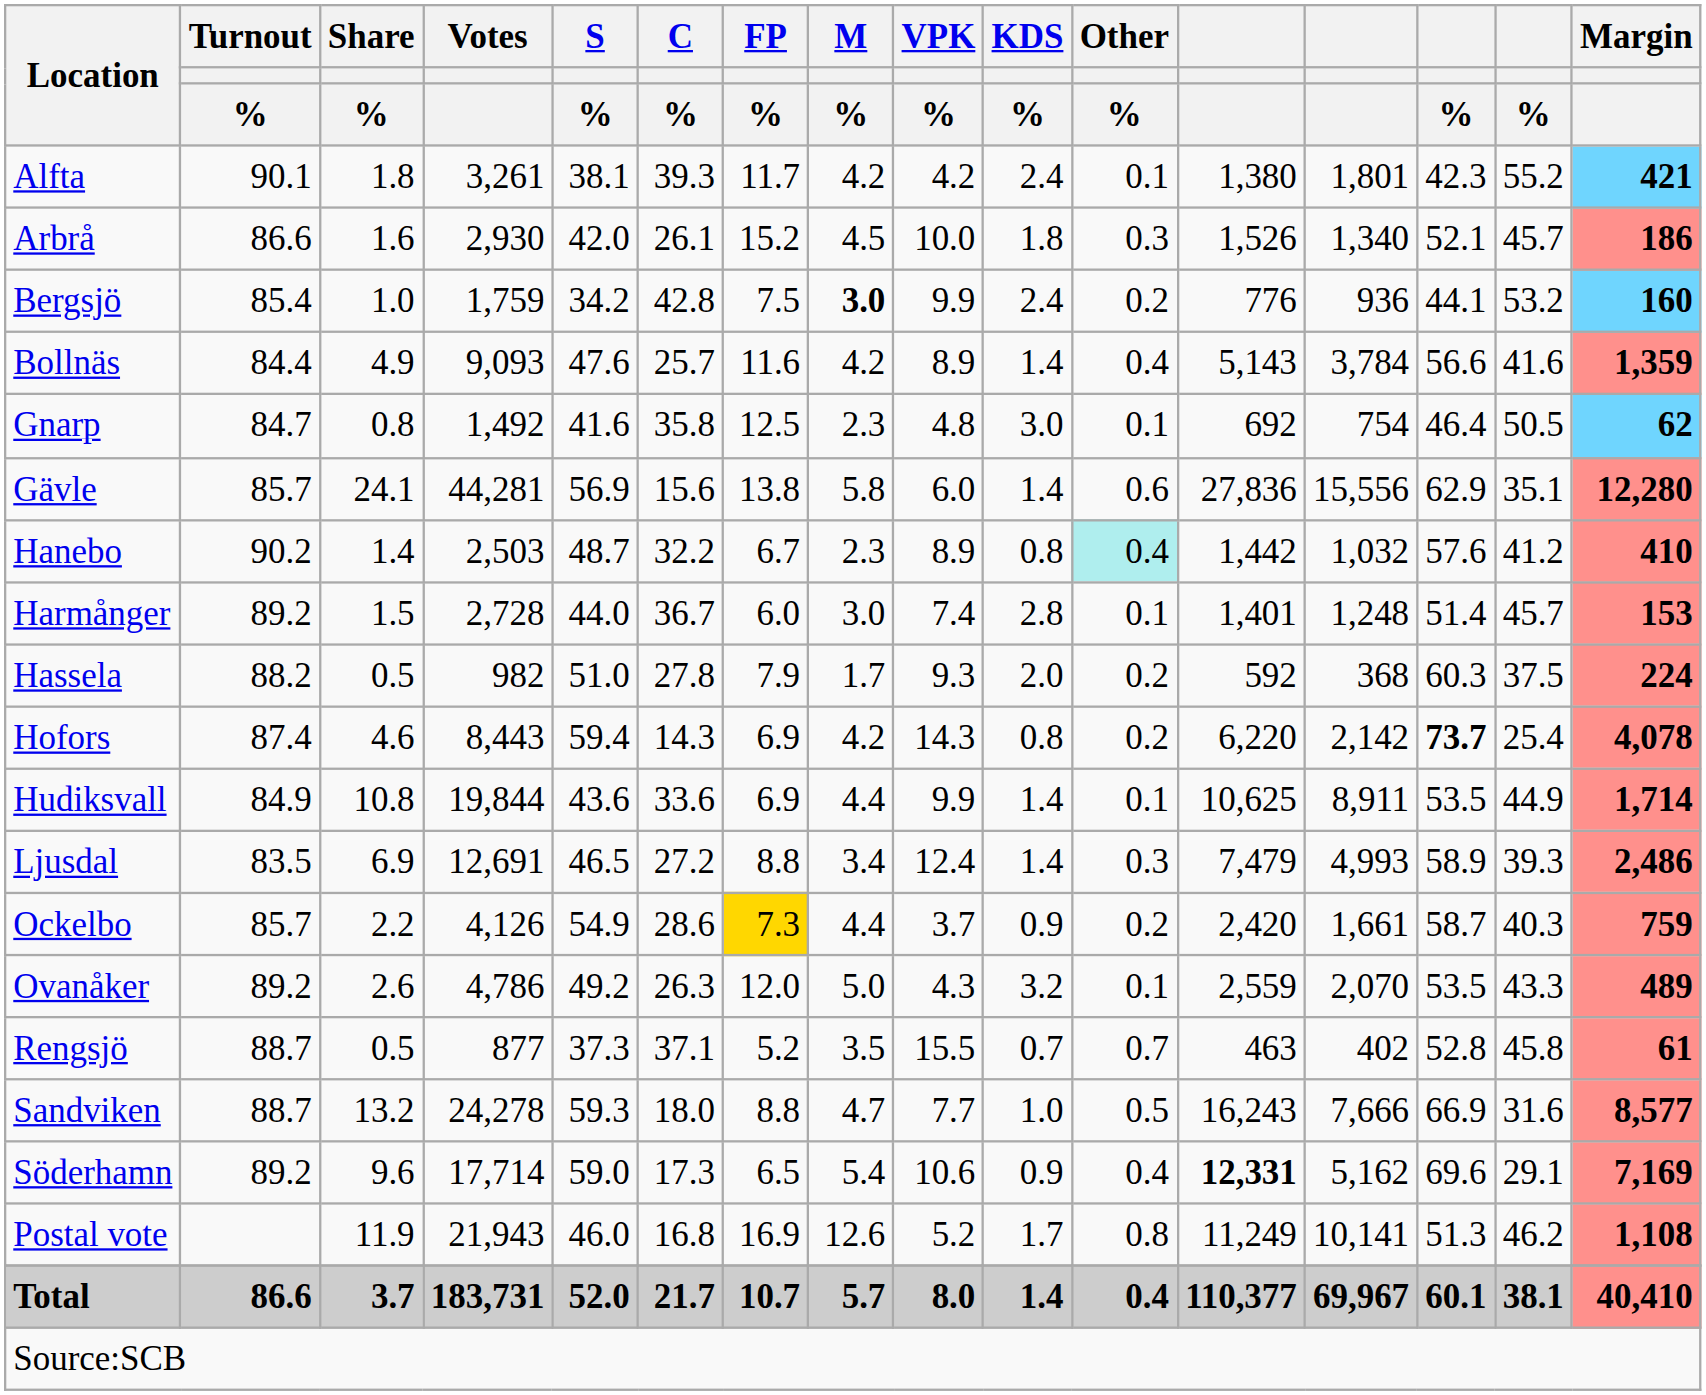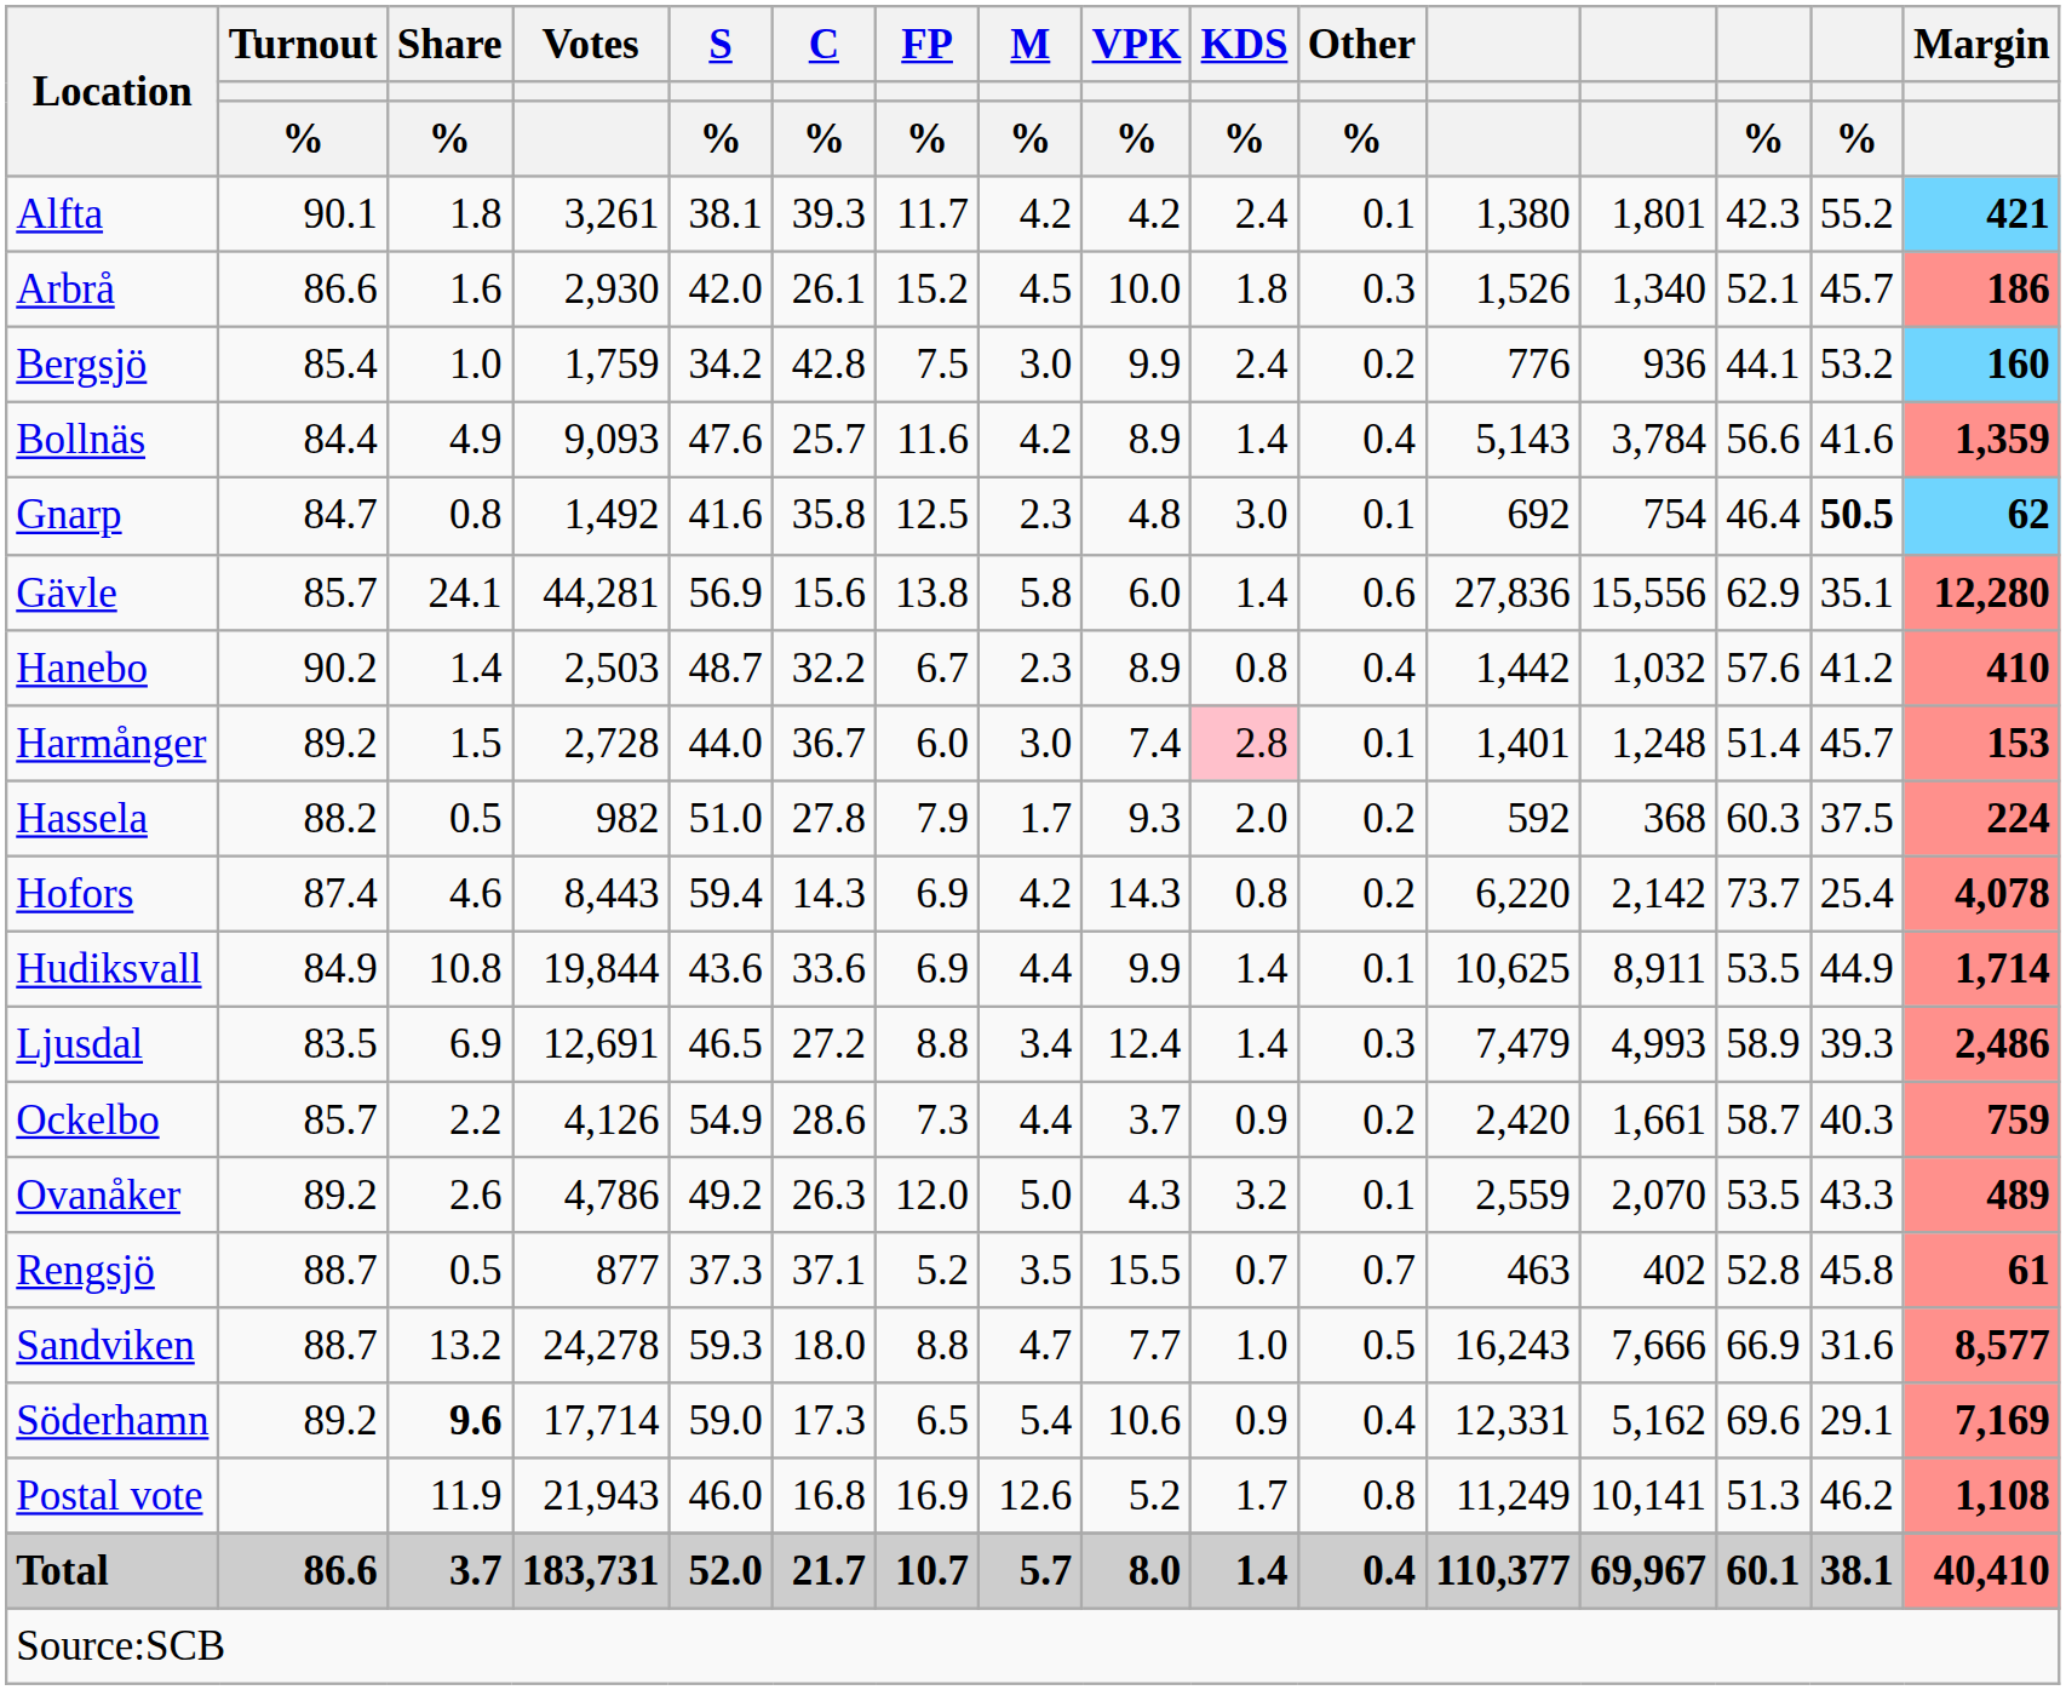 <table class="wikitable sortable" style="text-align:right; font-size:95%; line-height:20px;">
 <tr>
 <th rowspan="3">Location</th>
 <th>Turnout</th>
 <th>Share</th>
 <th>Votes</th>
 <th width="30px" class="unsortable"><a href='#'>S</a></th>
 <th width="30px" class="unsortable"><a href='#'>C</a></th>
 <th width="30px" class="unsortable"><a href='#'>FP</a></th>
 <th width="30px" class="unsortable"><a href='#'>M</a></th>
 <th width="30px" class="unsortable"><a href='#'>VPK</a></th>
 <th width="30px" class="unsortable"><a href='#'>KDS</a></th>
 <th width="30px" class="unsortable">Other</th>
 <th></th>
 <th></th>
 <th></th>
 <th></th>
 <th>Margin</th>
 </tr>
 <tr>
 <th></th>
 <th></th>
 <th></th>
 <th style="background:"></th>
 <th style="background:"></th>
 <th style="background:"></th>
 <th style="background:"></th>
 <th style="background:"></th>
 <th style="background:"></th>
 <th style="background:"></th>
 <th style="background:"></th>
 <th style="background:"></th>
 <th style="background:"></th>
 <th style="background:"></th>
 <th></th>
 </tr>
 <tr>
 <th data-sort-type="number">%</th>
 <th data-sort-type="number">%</th>
 <th></th>
 <th data-sort-type="number">%</th>
 <th data-sort-type="number">%</th>
 <th data-sort-type="number">%</th>
 <th data-sort-type="number">%</th>
 <th data-sort-type="number">%</th>
 <th data-sort-type="number">%</th>
 <th data-sort-type="number">%</th>
 <th data-sort-type="number"></th>
 <th data-sort-type="number"></th>
 <th data-sort-type="number">%</th>
 <th data-sort-type="number">%</th>
 <th data-sort-type="number"></th>
 </tr>
 <tr>
 <td align=left><a href='#'>Alfta</a></td>
 <td>90.1</td>
 <td>1.8</td>
 <td>3,261</td>
 <td>38.1</td>
 <td>39.3</td>
 <td>11.7</td>
 <td>4.2</td>
 <td>4.2</td>
 <td>2.4</td>
 <td>0.1</td>
 <td>1,380</td>
 <td>1,801</td>
 <td>42.3</td>
 <td>55.2</td>
 <td bgcolor=#6fd5fe><strong>421</strong></td>
 </tr>
 <tr>
 <td align=left><a href='#'>Arbrå</a></td>
 <td>86.6</td>
 <td>1.6</td>
 <td>2,930</td>
 <td>42.0</td>
 <td>26.1</td>
 <td>15.2</td>
 <td>4.5</td>
 <td>10.0</td>
 <td>1.8</td>
 <td>0.3</td>
 <td>1,526</td>
 <td>1,340</td>
 <td>52.1</td>
 <td>45.7</td>
 <td bgcolor=#ff908c><strong>186</strong></td>
 </tr>
 <tr>
 <td align=left><a href='#'>Bergsjö</a></td>
 <td>85.4</td>
 <td>1.0</td>
 <td>1,759</td>
 <td>34.2</td>
 <td>42.8</td>
 <td>7.5</td>
-<td><strong>3.0</strong></td>
+<td>3.0</td>
 <td>9.9</td>
 <td>2.4</td>
 <td>0.2</td>
 <td>776</td>
 <td>936</td>
 <td>44.1</td>
 <td>53.2</td>
 <td bgcolor=#6fd5fe><strong>160</strong></td>
 </tr>
 <tr>
 <td align=left><a href='#'>Bollnäs</a></td>
 <td>84.4</td>
 <td>4.9</td>
 <td>9,093</td>
 <td>47.6</td>
 <td>25.7</td>
 <td>11.6</td>
 <td>4.2</td>
 <td>8.9</td>
 <td>1.4</td>
 <td>0.4</td>
 <td>5,143</td>
 <td>3,784</td>
 <td>56.6</td>
 <td>41.6</td>
 <td bgcolor=#ff908c><strong>1,359</strong></td>
 </tr>
 <tr>
 <td align=left><a href='#'>Gnarp</a></td>
 <td>84.7</td>
 <td>0.8</td>
 <td>1,492</td>
 <td>41.6</td>
 <td>35.8</td>
 <td>12.5</td>
 <td>2.3</td>
 <td>4.8</td>
 <td>3.0</td>
 <td>0.1</td>
 <td>692</td>
 <td>754</td>
 <td>46.4</td>
-<td>50.5</td>
+<td><strong>50.5</strong></td>
 <td bgcolor=#6fd5fe><strong>62</strong></td>
 </tr>
 <tr>
 <td align=left><a href='#'>Gävle</a></td>
 <td>85.7</td>
 <td>24.1</td>
 <td>44,281</td>
 <td>56.9</td>
 <td>15.6</td>
 <td>13.8</td>
 <td>5.8</td>
 <td>6.0</td>
 <td>1.4</td>
 <td>0.6</td>
 <td>27,836</td>
 <td>15,556</td>
 <td>62.9</td>
 <td>35.1</td>
 <td bgcolor=#ff908c><strong>12,280</strong></td>
 </tr>
 <tr>
 <td align=left><a href='#'>Hanebo</a></td>
 <td>90.2</td>
 <td>1.4</td>
 <td>2,503</td>
 <td>48.7</td>
 <td>32.2</td>
 <td>6.7</td>
 <td>2.3</td>
 <td>8.9</td>
 <td>0.8</td>
-<td style="background: paleturquoise;">0.4</td>
+<td>0.4</td>
 <td>1,442</td>
 <td>1,032</td>
 <td>57.6</td>
 <td>41.2</td>
 <td bgcolor=#ff908c><strong>410</strong></td>
 </tr>
 <tr>
 <td align=left><a href='#'>Harmånger</a></td>
 <td>89.2</td>
 <td>1.5</td>
 <td>2,728</td>
 <td>44.0</td>
 <td>36.7</td>
 <td>6.0</td>
 <td>3.0</td>
 <td>7.4</td>
-<td>2.8</td>
+<td style="background: pink;">2.8</td>
 <td>0.1</td>
 <td>1,401</td>
 <td>1,248</td>
 <td>51.4</td>
 <td>45.7</td>
 <td bgcolor=#ff908c><strong>153</strong></td>
 </tr>
 <tr>
 <td align=left><a href='#'>Hassela</a></td>
 <td>88.2</td>
 <td>0.5</td>
 <td>982</td>
 <td>51.0</td>
 <td>27.8</td>
 <td>7.9</td>
 <td>1.7</td>
 <td>9.3</td>
 <td>2.0</td>
 <td>0.2</td>
 <td>592</td>
 <td>368</td>
 <td>60.3</td>
 <td>37.5</td>
 <td bgcolor=#ff908c><strong>224</strong></td>
 </tr>
 <tr>
 <td align=left><a href='#'>Hofors</a></td>
 <td>87.4</td>
 <td>4.6</td>
 <td>8,443</td>
 <td>59.4</td>
 <td>14.3</td>
 <td>6.9</td>
 <td>4.2</td>
 <td>14.3</td>
 <td>0.8</td>
 <td>0.2</td>
 <td>6,220</td>
 <td>2,142</td>
-<td><strong>73.7</strong></td>
+<td>73.7</td>
 <td>25.4</td>
 <td bgcolor=#ff908c><strong>4,078</strong></td>
 </tr>
 <tr>
 <td align=left><a href='#'>Hudiksvall</a></td>
 <td>84.9</td>
 <td>10.8</td>
 <td>19,844</td>
 <td>43.6</td>
 <td>33.6</td>
 <td>6.9</td>
 <td>4.4</td>
 <td>9.9</td>
 <td>1.4</td>
 <td>0.1</td>
 <td>10,625</td>
 <td>8,911</td>
 <td>53.5</td>
 <td>44.9</td>
 <td bgcolor=#ff908c><strong>1,714</strong></td>
 </tr>
 <tr>
 <td align=left><a href='#'>Ljusdal</a></td>
 <td>83.5</td>
 <td>6.9</td>
 <td>12,691</td>
 <td>46.5</td>
 <td>27.2</td>
 <td>8.8</td>
 <td>3.4</td>
 <td>12.4</td>
 <td>1.4</td>
 <td>0.3</td>
 <td>7,479</td>
 <td>4,993</td>
 <td>58.9</td>
 <td>39.3</td>
 <td bgcolor=#ff908c><strong>2,486</strong></td>
 </tr>
 <tr>
 <td align=left><a href='#'>Ockelbo</a></td>
 <td>85.7</td>
 <td>2.2</td>
 <td>4,126</td>
 <td>54.9</td>
 <td>28.6</td>
-<td style="background: gold;">7.3</td>
+<td>7.3</td>
 <td>4.4</td>
 <td>3.7</td>
 <td>0.9</td>
 <td>0.2</td>
 <td>2,420</td>
 <td>1,661</td>
 <td>58.7</td>
 <td>40.3</td>
 <td bgcolor=#ff908c><strong>759</strong></td>
 </tr>
 <tr>
 <td align=left><a href='#'>Ovanåker</a></td>
 <td>89.2</td>
 <td>2.6</td>
 <td>4,786</td>
 <td>49.2</td>
 <td>26.3</td>
 <td>12.0</td>
 <td>5.0</td>
 <td>4.3</td>
 <td>3.2</td>
 <td>0.1</td>
 <td>2,559</td>
 <td>2,070</td>
 <td>53.5</td>
 <td>43.3</td>
 <td bgcolor=#ff908c><strong>489</strong></td>
 </tr>
 <tr>
 <td align=left><a href='#'>Rengsjö</a></td>
 <td>88.7</td>
 <td>0.5</td>
 <td>877</td>
 <td>37.3</td>
 <td>37.1</td>
 <td>5.2</td>
 <td>3.5</td>
 <td>15.5</td>
 <td>0.7</td>
 <td>0.7</td>
 <td>463</td>
 <td>402</td>
 <td>52.8</td>
 <td>45.8</td>
 <td bgcolor=#ff908c><strong>61</strong></td>
 </tr>
 <tr>
 <td align=left><a href='#'>Sandviken</a></td>
 <td>88.7</td>
 <td>13.2</td>
 <td>24,278</td>
 <td>59.3</td>
 <td>18.0</td>
 <td>8.8</td>
 <td>4.7</td>
 <td>7.7</td>
 <td>1.0</td>
 <td>0.5</td>
 <td>16,243</td>
 <td>7,666</td>
 <td>66.9</td>
 <td>31.6</td>
 <td bgcolor=#ff908c><strong>8,577</strong></td>
 </tr>
 <tr>
 <td align=left><a href='#'>Söderhamn</a></td>
 <td>89.2</td>
-<td>9.6</td>
+<td><strong>9.6</strong></td>
 <td>17,714</td>
 <td>59.0</td>
 <td>17.3</td>
 <td>6.5</td>
 <td>5.4</td>
 <td>10.6</td>
 <td>0.9</td>
 <td>0.4</td>
-<td><strong>12,331</strong></td>
+<td>12,331</td>
 <td>5,162</td>
 <td>69.6</td>
 <td>29.1</td>
 <td bgcolor=#ff908c><strong>7,169</strong></td>
 </tr>
 <tr>
 <td align=left><a href='#'>Postal vote</a></td>
 <td></td>
 <td>11.9</td>
 <td>21,943</td>
 <td>46.0</td>
 <td>16.8</td>
 <td>16.9</td>
 <td>12.6</td>
 <td>5.2</td>
 <td>1.7</td>
 <td>0.8</td>
 <td>11,249</td>
 <td>10,141</td>
 <td>51.3</td>
 <td>46.2</td>
 <td bgcolor=#ff908c><strong>1,108</strong></td>
 </tr>
 <tr>
 </tr>
 <tr style="background:#CDCDCD;">
 <td align=left><strong>Total</strong></td>
 <td><strong>86.6</strong></td>
 <td><strong>3.7</strong></td>
 <td><strong>183,731</strong></td>
 <td><strong>52.0</strong></td>
 <td><strong>21.7</strong></td>
 <td><strong>10.7</strong></td>
 <td><strong>5.7</strong></td>
 <td><strong>8.0</strong></td>
 <td><strong>1.4</strong></td>
 <td><strong>0.4</strong></td>
 <td><strong>110,377</strong></td>
 <td><strong>69,967</strong></td>
 <td><strong>60.1</strong></td>
 <td><strong>38.1</strong></td>
 <td bgcolor=#ff908c><strong>40,410</strong></td>
 </tr>
 <tr>
 <td align=left colspan=16>Source:SCB </td>
 </tr>
 </table>
